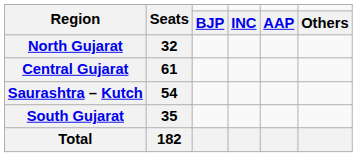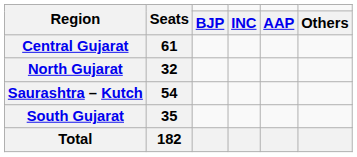 <table class="wikitable" style="text-align:center;">
 <tr>
 <th rowspan="2">Region</th>
 <th rowspan="2">Seats</th>
 <td style="color:inherit;background:"></td>
 <td style="color:inherit;background:"></td>
 <td style="color:inherit;background:"></td>
 <td style="color:inherit;background:"></td>
 </tr>
 <tr>
 <th><a href='#'>BJP</a></th>
 <th><a href='#'>INC</a></th>
 <th><a href='#'>AAP</a></th>
 <th>Others</th>
 </tr>
 <tr>
-<th><a href='#'>North Gujarat</a></th>
-<th>32</th>
+<th><a href='#'>Central Gujarat</a></th>
+<th>61</th>
 <td></td>
 <td></td>
 <td></td>
 <td></td>
 </tr>
 <tr>
-<th><a href='#'>Central Gujarat</a></th>
-<th>61</th>
+<th><a href='#'>North Gujarat</a></th>
+<th>32</th>
 <td></td>
 <td></td>
 <td></td>
 <td></td>
 </tr>
 <tr>
 <th><a href='#'>Saurashtra</a> <strong>–</strong> <a href='#'>Kutch</a></th>
 <th>54</th>
 <td></td>
 <td></td>
 <td></td>
 <td></td>
 </tr>
 <tr>
 <th><a href='#'>South Gujarat</a></th>
 <th>35</th>
 <td></td>
 <td></td>
 <td></td>
 <td></td>
 </tr>
 <tr>
 <th>Total</th>
 <th>182</th>
 <th></th>
 <th></th>
 <th></th>
 <th></th>
 </tr>
 </table>
